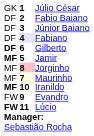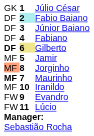 <table cellspacing="0" cellpadding="0" style="font-size:90%; margin:0.2em auto;">
 <tr>
 <th width="25"></th>
 <th width="25"></th>
 </tr>
 <tr>
 <td>GK</td>
 <td><strong>1</strong></td>
 <td><a href='#'>Júlio César</a></td>
 </tr>
 <tr>
 <td>DF</td>
-<td><strong>2</strong></td>
+<td style="background: paleturquoise;"><strong>2</strong></td>
 <td><a href='#'>Fabio Baiano</a></td>
 </tr>
 <tr>
 <td>DF</td>
 <td><strong>3</strong></td>
 <td><a href='#'>Júnior Baiano</a></td>
 </tr>
 <tr>
 <td>DF</td>
-<td style="background: lavender;"><strong>4</strong></td>
+<td><strong>4</strong></td>
 <td><a href='#'>Fabiano</a></td>
 </tr>
 <tr>
 <td><strong>DF</strong></td>
-<td><strong>6</strong></td>
+<td style="background: khaki;"><strong>6</strong></td>
 <td><a href='#'>Gilberto</a></td>
 </tr>
 <tr>
-<td><strong>MF</strong></td>
+<td>MF</td>
 <td><strong>5</strong></td>
 <td><a href='#'>Jamir</a></td>
 </tr>
 <tr>
-<td>MF</td>
-<td style="background: pink;"><strong>8</strong></td>
+<td style="background: lightsalmon;">MF</td>
+<td><strong>8</strong></td>
 <td><a href='#'>Jorginho</a></td>
 </tr>
 <tr>
-<td>MF</td>
-<td style="background: lightyellow;"><strong>7</strong></td>
+<td><strong>MF</strong></td>
+<td><strong>7</strong></td>
 <td><a href='#'>Maurinho</a></td>
 </tr>
 <tr>
-<td><strong>MF</strong></td>
+<td>MF</td>
 <td><strong>10</strong></td>
 <td><a href='#'>Iranildo</a></td>
 </tr>
 <tr>
 <td>FW</td>
 <td><strong>9</strong></td>
 <td><a href='#'>Evandro</a></td>
 </tr>
 <tr>
-<td><strong>FW</strong></td>
+<td>FW</td>
 <td><strong>11</strong></td>
 <td><a href='#'>Lúcio</a></td>
 </tr>
 <tr>
 <td colspan=3><strong>Manager:</strong></td>
 </tr>
 <tr>
 <td colspan=4><a href='#'>Sebastião Rocha</a></td>
 </tr>
 </table>
